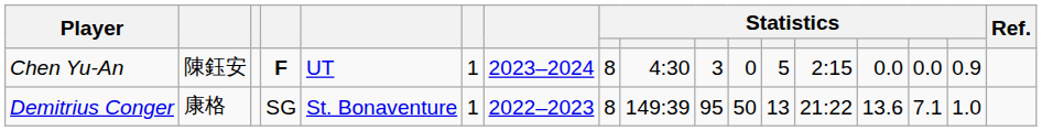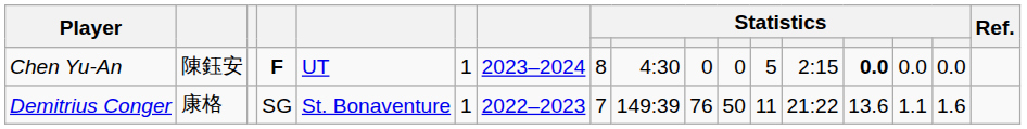 <table class="wikitable sortable" style="font-size:95%; text-align:right;">
 <tr>
 <th rowspan="2">Player</th>
 <th rowspan="2"></th>
 <th rowspan="2"></th>
 <th rowspan="2"></th>
 <th rowspan="2"></th>
 <th rowspan="2"></th>
 <th rowspan="2"></th>
 <th colspan="9">Statistics</th>
 <th rowspan="2">Ref.</th>
 </tr>
 <tr>
 <th></th>
 <th></th>
 <th></th>
 <th></th>
 <th></th>
 <th></th>
 <th></th>
 <th></th>
 <th></th>
 </tr>
 <tr>
 <td align="left"><em>Chen Yu-An</em></td>
 <td align="left">陳鈺安</td>
 <td align="center"></td>
 <td align="center"><strong>F</strong></td>
 <td align="left"><a href='#'>UT</a></td>
 <td align="center">1</td>
 <td align="center"><a href='#'>2023–2024</a></td>
 <td>8</td>
 <td>4:30</td>
-<td>3</td>
+<td>0</td>
 <td>0</td>
 <td>5</td>
 <td>2:15</td>
+<td><strong>0.0</strong></td>
 <td>0.0</td>
 <td>0.0</td>
-<td>0.9</td>
 <td align="center"></td>
 </tr>
 <tr>
 <td align="left"><em><a href='#'>Demitrius Conger</a></em></td>
 <td align="left">康格</td>
 <td align="center"></td>
 <td align="center">SG</td>
 <td align="left"><a href='#'>St. Bonaventure</a></td>
 <td align="center">1</td>
 <td align="center"><a href='#'>2022–2023</a></td>
-<td>8</td>
+<td>7</td>
 <td>149:39</td>
-<td>95</td>
+<td>76</td>
 <td>50</td>
-<td>13</td>
+<td>11</td>
 <td>21:22</td>
 <td>13.6</td>
-<td>7.1</td>
-<td>1.0</td>
+<td>1.1</td>
+<td>1.6</td>
 <td align="center"></td>
 </tr>
 </table>
